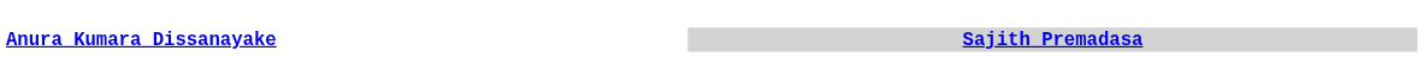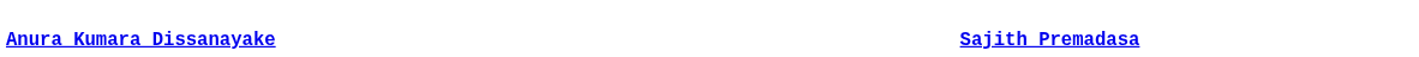 <table style="width:100%; text-align:center">
 <tr style="color:white">
 <td style="background:"><strong>12,217</strong></td>
 <td style="background:"><strong>16,683</strong></td>
 </tr>
 <tr>
 <td style="color:"><strong><a href='#'>Anura Kumara Dissanayake</a></strong></td>
-<td style="background: lightgrey; color:"><strong><a href='#'>Sajith Premadasa</a></strong></td>
+<td style="color:"><strong><a href='#'>Sajith Premadasa</a></strong></td>
 </tr>
 </table>
